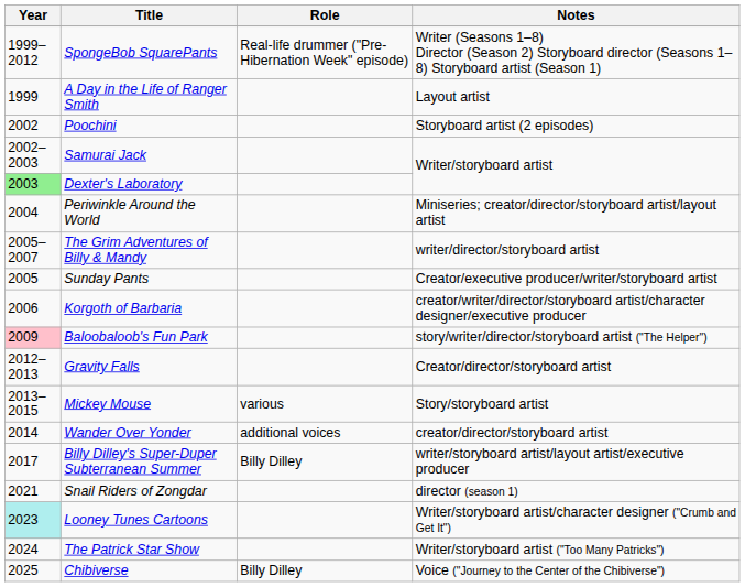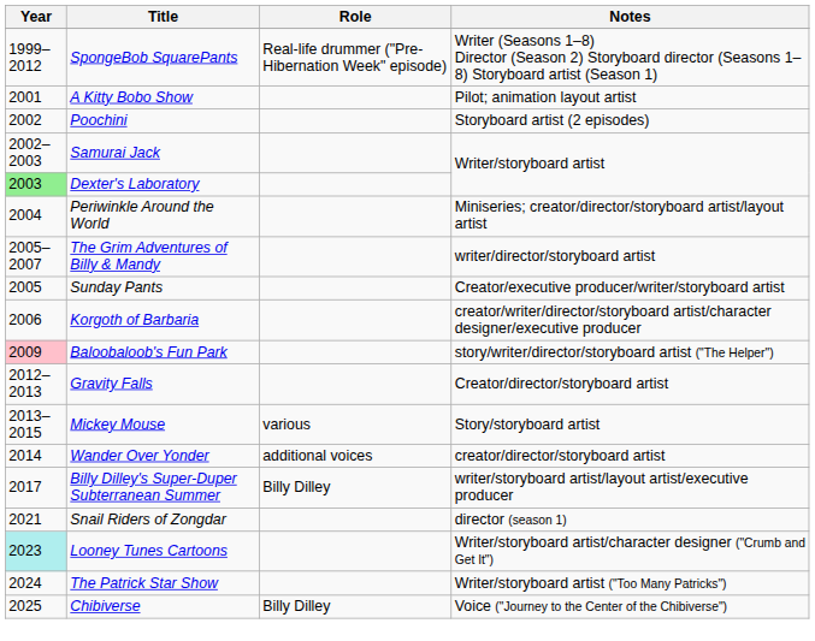 <table class="wikitable sortable">
 <tr>
 <th>Year</th>
 <th>Title</th>
 <th>Role</th>
 <th>Notes</th>
 </tr>
 <tr>
 </tr>
 <tr>
 <td>1999–2012</td>
 <td><em><a href='#'>SpongeBob SquarePants</a></em></td>
 <td>Real-life drummer ("Pre-Hibernation Week" episode)</td>
 <td>Writer (Seasons 1–8)<br>Director (Season 2)  Storyboard director (Seasons 1–8)  Storyboard artist (Season 1)</td>
 </tr>
 <tr>
-<td>1999</td>
-<td><em><a href='#'>A Day in the Life of Ranger Smith</a></em></td>
+<td>2001</td>
+<td><em><a href='#'>A Kitty Bobo Show</a></em></td>
 <td></td>
-<td>Layout artist</td>
+<td>Pilot; animation layout artist</td>
 </tr>
 <tr>
 <td>2002</td>
 <td><em><a href='#'>Poochini</a></em></td>
 <td></td>
 <td>Storyboard artist (2 episodes)</td>
 </tr>
 <tr>
 <td>2002–2003</td>
 <td><em><a href='#'>Samurai Jack</a></em></td>
 <td></td>
 <td rowspan="2">Writer/storyboard artist</td>
 </tr>
 <tr>
 <td style="background: lightgreen;">2003</td>
 <td><em><a href='#'>Dexter's Laboratory</a></em></td>
 <td></td>
 </tr>
 <tr>
 <td>2004</td>
 <td><em>Periwinkle Around the World</em></td>
 <td></td>
 <td>Miniseries; creator/director/storyboard artist/layout artist</td>
 </tr>
 <tr>
 <td>2005–2007</td>
 <td><em><a href='#'>The Grim Adventures of Billy & Mandy</a></em></td>
 <td></td>
 <td>writer/director/storyboard artist</td>
 </tr>
 <tr>
 <td>2005</td>
 <td><em>Sunday Pants</em></td>
 <td></td>
 <td>Creator/executive producer/writer/storyboard artist</td>
 </tr>
 <tr>
 <td>2006</td>
 <td><em><a href='#'>Korgoth of Barbaria</a></em></td>
 <td></td>
 <td>creator/writer/director/storyboard artist/character designer/executive producer</td>
 </tr>
 <tr>
 <td style="background: pink;">2009</td>
 <td><em><a href='#'>Baloobaloob's Fun Park</a></em></td>
 <td></td>
 <td>story/writer/director/storyboard artist <small>("The Helper")</small></td>
 </tr>
 <tr>
 <td>2012–2013</td>
 <td><em><a href='#'>Gravity Falls</a></em></td>
 <td></td>
 <td>Creator/director/storyboard artist</td>
 </tr>
 <tr>
 <td>2013–2015</td>
 <td><em><a href='#'>Mickey Mouse</a></em></td>
 <td>various</td>
 <td>Story/storyboard artist</td>
 </tr>
 <tr>
 <td>2014</td>
 <td><em><a href='#'>Wander Over Yonder</a></em></td>
 <td>additional voices</td>
 <td>creator/director/storyboard artist</td>
 </tr>
 <tr>
 <td>2017</td>
 <td><em><a href='#'>Billy Dilley's Super-Duper Subterranean Summer</a></em></td>
 <td>Billy Dilley</td>
 <td>writer/storyboard artist/layout artist/executive producer</td>
 </tr>
 <tr>
 <td>2021</td>
 <td><em>Snail Riders of Zongdar</em></td>
 <td></td>
 <td>director <small>(season 1)</small></td>
 </tr>
 <tr>
 <td style="background: paleturquoise;">2023</td>
 <td><em><a href='#'>Looney Tunes Cartoons</a></em></td>
 <td></td>
 <td>Writer/storyboard artist/character designer <small>("Crumb and Get It")</small></td>
 </tr>
 <tr>
 <td>2024</td>
 <td><em><a href='#'>The Patrick Star Show</a></em></td>
 <td></td>
 <td>Writer/storyboard artist <small>("Too Many Patricks")</small></td>
 </tr>
 <tr>
 <td>2025</td>
 <td><em><a href='#'>Chibiverse</a></em></td>
 <td>Billy Dilley</td>
 <td>Voice <small>("Journey to the Center of the Chibiverse")</small></td>
 </tr>
 </table>
